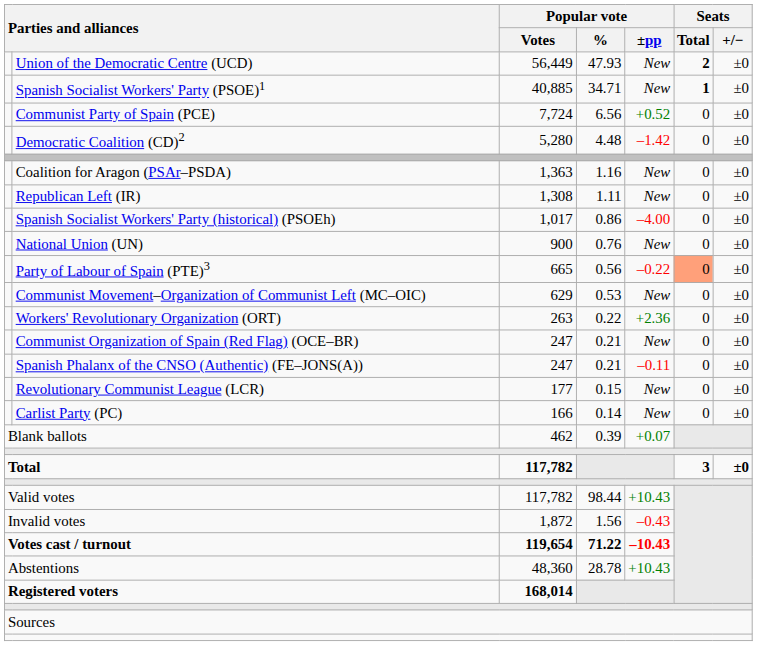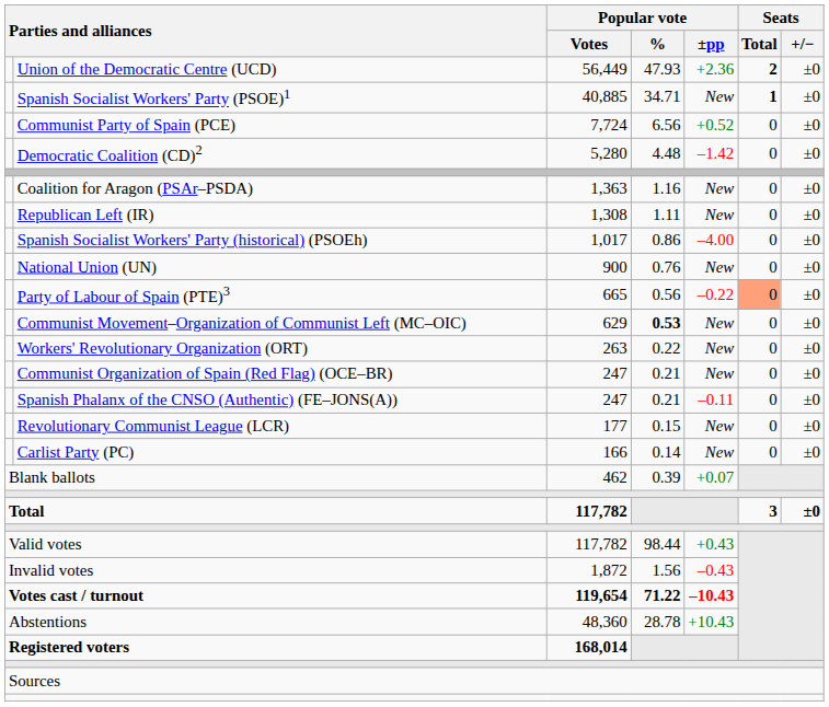 <table class="wikitable" style="text-align:right;">
 <tr>
 <th style="text-align:left;" rowspan="2" colspan="2" width="525">Parties and alliances</th>
 <th colspan="3">Popular vote</th>
 <th colspan="2">Seats</th>
 </tr>
 <tr>
 <th width="75">Votes</th>
 <th width="45">%</th>
 <th width="45">±<a href='#'>pp</a></th>
 <th width="35">Total</th>
 <th width="35">+/−</th>
 </tr>
 <tr>
 <td width="1" style="color:inherit;background:"></td>
 <td align="left"><a href='#'>Union of the Democratic Centre</a> (UCD)</td>
 <td>56,449</td>
 <td>47.93</td>
-<td><em>New</em></td>
+<td style="color:green;">+2.36</td>
 <td><strong>2</strong></td>
 <td>±0</td>
 </tr>
 <tr>
 <td style="color:inherit;background:"></td>
 <td align="left"><a href='#'>Spanish Socialist Workers' Party</a> (PSOE)<sup>1</sup></td>
 <td>40,885</td>
 <td>34.71</td>
 <td><em>New</em></td>
 <td><strong>1</strong></td>
 <td>±0</td>
 </tr>
 <tr>
 <td style="color:inherit;background:"></td>
 <td align="left"><a href='#'>Communist Party of Spain</a> (PCE)</td>
 <td>7,724</td>
 <td>6.56</td>
 <td style="color:green;">+0.52</td>
 <td>0</td>
 <td>±0</td>
 </tr>
 <tr>
 <td style="color:inherit;background:"></td>
 <td align="left"><a href='#'>Democratic Coalition</a> (CD)<sup>2</sup></td>
 <td>5,280</td>
 <td>4.48</td>
 <td style="color:red;">–1.42</td>
 <td>0</td>
 <td>±0</td>
 </tr>
 <tr>
 <td colspan="7" bgcolor="#C0C0C0"></td>
 </tr>
 <tr>
 <td style="color:inherit;background:"></td>
 <td align="left">Coalition for Aragon (<a href='#'>PSAr</a>–PSDA)</td>
 <td>1,363</td>
 <td>1.16</td>
 <td><em>New</em></td>
 <td>0</td>
 <td>±0</td>
 </tr>
 <tr>
 <td style="color:inherit;background:"></td>
 <td align="left"><a href='#'>Republican Left</a> (IR)</td>
 <td>1,308</td>
 <td>1.11</td>
 <td><em>New</em></td>
 <td>0</td>
 <td>±0</td>
 </tr>
 <tr>
 <td style="color:inherit;background:"></td>
 <td align="left"><a href='#'>Spanish Socialist Workers' Party (historical)</a> (PSOEh)</td>
 <td>1,017</td>
 <td>0.86</td>
 <td style="color:red;">–4.00</td>
 <td>0</td>
 <td>±0</td>
 </tr>
 <tr>
 <td style="color:inherit;background:"></td>
 <td align="left"><a href='#'>National Union</a> (UN)</td>
 <td>900</td>
 <td>0.76</td>
 <td><em>New</em></td>
 <td>0</td>
 <td>±0</td>
 </tr>
 <tr>
 <td style="color:inherit;background:"></td>
 <td align="left"><a href='#'>Party of Labour of Spain</a> (PTE)<sup>3</sup></td>
 <td>665</td>
 <td>0.56</td>
 <td style="color:red;">–0.22</td>
 <td style="background: lightsalmon;">0</td>
 <td>±0</td>
 </tr>
 <tr>
 <td style="color:inherit;background:"></td>
 <td align="left"><a href='#'>Communist Movement</a>–<a href='#'>Organization of Communist Left</a> (MC–OIC)</td>
 <td>629</td>
-<td>0.53</td>
+<td><strong>0.53</strong></td>
 <td><em>New</em></td>
 <td>0</td>
 <td>±0</td>
 </tr>
 <tr>
 <td style="color:inherit;background:"></td>
 <td align="left"><a href='#'>Workers' Revolutionary Organization</a> (ORT)</td>
 <td>263</td>
 <td>0.22</td>
-<td style="color:green;">+2.36</td>
+<td><em>New</em></td>
 <td>0</td>
 <td>±0</td>
 </tr>
 <tr>
 <td style="color:inherit;background:"></td>
 <td align="left"><a href='#'>Communist Organization of Spain (Red Flag)</a> (OCE–BR)</td>
 <td>247</td>
 <td>0.21</td>
 <td><em>New</em></td>
 <td>0</td>
 <td>±0</td>
 </tr>
 <tr>
 <td style="color:inherit;background:"></td>
 <td align="left"><a href='#'>Spanish Phalanx of the CNSO (Authentic)</a> (FE–JONS(A))</td>
 <td>247</td>
 <td>0.21</td>
 <td style="color:red;">–0.11</td>
 <td>0</td>
 <td>±0</td>
 </tr>
 <tr>
 <td style="color:inherit;background:"></td>
 <td align="left"><a href='#'>Revolutionary Communist League</a> (LCR)</td>
 <td>177</td>
 <td>0.15</td>
 <td><em>New</em></td>
 <td>0</td>
 <td>±0</td>
 </tr>
 <tr>
 <td style="color:inherit;background:"></td>
 <td align="left"><a href='#'>Carlist Party</a> (PC)</td>
 <td>166</td>
 <td>0.14</td>
 <td><em>New</em></td>
 <td>0</td>
 <td>±0</td>
 </tr>
 <tr>
 <td align="left" colspan="2">Blank ballots</td>
 <td>462</td>
 <td>0.39</td>
 <td style="color:green;">+0.07</td>
 <td bgcolor="#E9E9E9" colspan="2"></td>
 </tr>
 <tr>
 <td colspan="7" bgcolor="#E9E9E9"></td>
 </tr>
 <tr style="font-weight:bold;">
 <td align="left" colspan="2">Total</td>
 <td>117,782</td>
 <td bgcolor="#E9E9E9" colspan="2"></td>
 <td>3</td>
 <td>±0</td>
 </tr>
 <tr>
 <td colspan="7" bgcolor="#E9E9E9"></td>
 </tr>
 <tr>
 <td align="left" colspan="2">Valid votes</td>
 <td>117,782</td>
 <td>98.44</td>
-<td style="color:green;">+10.43</td>
+<td style="color:green;">+0.43</td>
 <td bgcolor="#E9E9E9" colspan="2" rowspan="5"></td>
 </tr>
 <tr>
 <td align="left" colspan="2">Invalid votes</td>
 <td>1,872</td>
 <td>1.56</td>
 <td style="color:red;">–0.43</td>
 </tr>
 <tr style="font-weight:bold;">
 <td align="left" colspan="2">Votes cast / turnout</td>
 <td>119,654</td>
 <td>71.22</td>
 <td style="color:red;">–10.43</td>
 </tr>
 <tr>
 <td align="left" colspan="2">Abstentions</td>
 <td>48,360</td>
 <td>28.78</td>
 <td style="color:green;">+10.43</td>
 </tr>
 <tr style="font-weight:bold;">
 <td align="left" colspan="2">Registered voters</td>
 <td>168,014</td>
 <td bgcolor="#E9E9E9" colspan="2"></td>
 </tr>
 <tr>
 <td colspan="7" bgcolor="#E9E9E9"></td>
 </tr>
 <tr>
 <td align="left" colspan="7">Sources</td>
 </tr>
 <tr>
 <td colspan="7" style="text-align:left; max-width:790px;"></td>
 </tr>
 </table>
